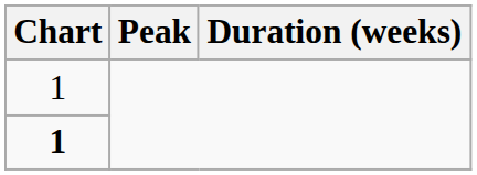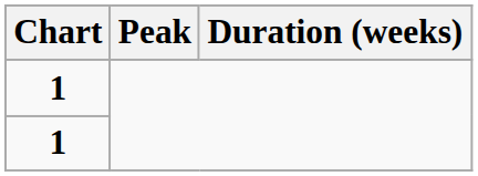 <table class="wikitable sortable plainrowheaders" style="text-align:center">
 <tr>
 <th scope="col">Chart</th>
 <th scope="col">Peak</th>
 <th scope="col">Duration (weeks)</th>
 </tr>
 <tr>
-<td>1</td>
+<td><strong>1</strong></td>
 </tr>
 <tr>
 <td><strong>1</strong></td>
 </tr>
 </table>
